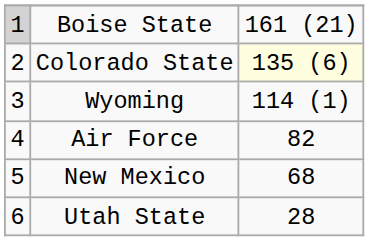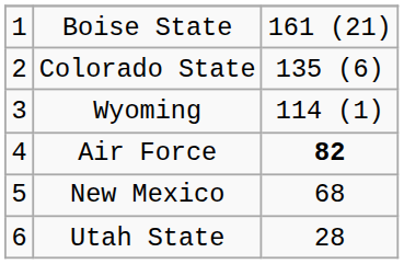 <table class="wikitable" style="display: inline-table;">
 <tr align="center">
 </tr>
 <tr align="center">
-<td style="background: lightgrey;">1</td>
+<td>1</td>
 <td>Boise State</td>
 <td>161 (21)</td>
 </tr>
 <tr align="center">
 <td>2</td>
 <td>Colorado State</td>
-<td style="background: lightyellow;">135 (6)</td>
+<td>135 (6)</td>
 </tr>
 <tr align="center">
 <td>3</td>
 <td>Wyoming</td>
 <td>114 (1)</td>
 </tr>
 <tr align="center">
 <td>4</td>
 <td>Air Force</td>
-<td>82</td>
+<td><strong>82</strong></td>
 </tr>
 <tr align="center">
 <td>5</td>
 <td>New Mexico</td>
 <td>68</td>
 </tr>
 <tr align="center">
 <td>6</td>
 <td>Utah State</td>
 <td>28</td>
 </tr>
 </table>
